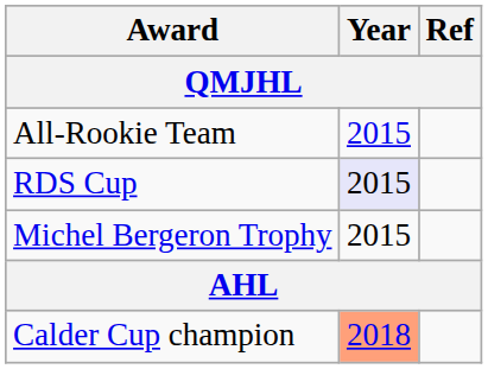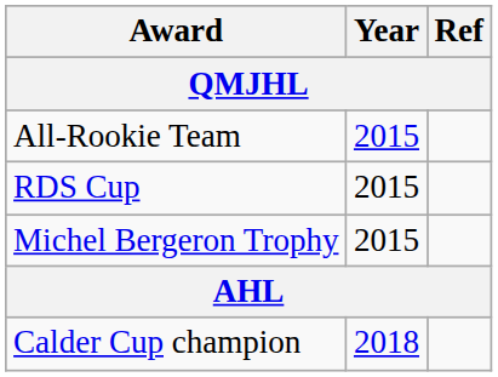 <table class="wikitable">
 <tr>
 <th>Award</th>
 <th>Year</th>
 <th>Ref</th>
 </tr>
 <tr>
 <th colspan="3"><a href='#'>QMJHL</a></th>
 </tr>
 <tr>
 <td>All-Rookie Team</td>
 <td><a href='#'>2015</a></td>
 <td></td>
 </tr>
 <tr>
 <td><a href='#'>RDS Cup</a></td>
-<td style="background: lavender;">2015</td>
+<td>2015</td>
 <td></td>
 </tr>
 <tr>
 <td><a href='#'>Michel Bergeron Trophy</a></td>
 <td>2015</td>
 <td></td>
 </tr>
 <tr>
 <th colspan="3"><a href='#'>AHL</a></th>
 </tr>
 <tr>
 <td><a href='#'>Calder Cup</a> champion</td>
-<td style="background: lightsalmon;"><a href='#'>2018</a></td>
+<td><a href='#'>2018</a></td>
 <td></td>
 </tr>
 </table>
